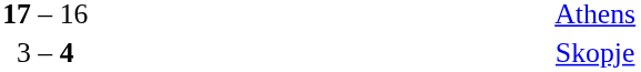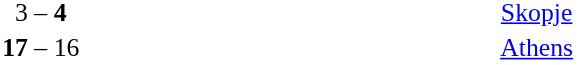 <table style="text-align:center">
 <tr>
 <th width=200></th>
 <th width=100></th>
 <th width=200></th>
 <th width=100></th>
 </tr>
 <tr>
+<td align=right></td>
+<td>3 – <strong>4</strong></td>
+<td align=left><strong></strong></td>
+<td><a href='#'>Skopje</a></td>
+</tr>
+<tr>
 <td align=right><strong></strong></td>
 <td><strong>17</strong> – 16</td>
 <td align=left></td>
 <td><a href='#'>Athens</a></td>
 </tr>
-<tr>
-<td align=right></td>
-<td>3 – <strong>4</strong></td>
-<td align=left><strong></strong></td>
-<td><a href='#'>Skopje</a></td>
-</tr>
 </table>
